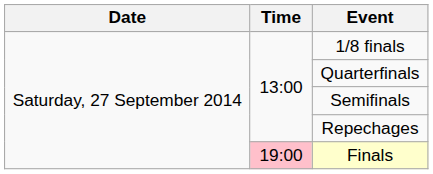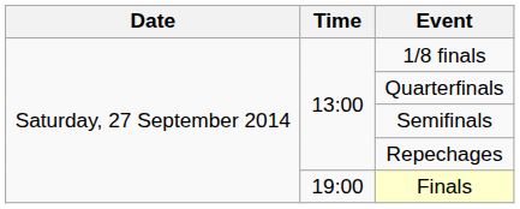 <table class = "wikitable" style="text-align:center;">
 <tr>
 <th width=220>Date</th>
 <th width=50>Time</th>
 <th width=100>Event</th>
 </tr>
 <tr>
 <td rowspan=5>Saturday, 27 September 2014</td>
 <td rowspan=4>13:00</td>
 <td>1/8 finals</td>
 </tr>
 <tr>
 <td>Quarterfinals</td>
 </tr>
 <tr>
 <td>Semifinals</td>
 </tr>
 <tr>
 <td>Repechages</td>
 </tr>
 <tr>
-<td style="background: pink;">19:00</td>
+<td>19:00</td>
 <td bgcolor=ffffcc>Finals</td>
 </tr>
 </table>
